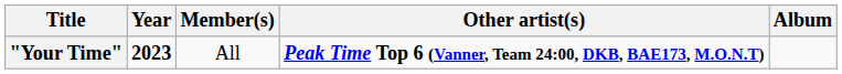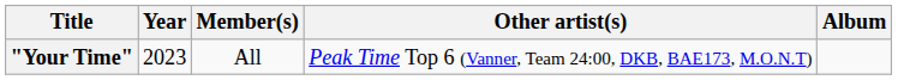 <table class="wikitable plainrowheaders" style="text-align:center">
 <tr>
 <th scope="col">Title</th>
 <th scope="col">Year</th>
 <th>Member(s)</th>
 <th>Other artist(s)</th>
 <th scope="col">Album</th>
 </tr>
 <tr>
 <th scope="row">"Your Time"</th>
-<td><strong>2023</strong></td>
+<td>2023</td>
 <td>All</td>
-<td><strong><em><a href='#'>Peak Time</a></em> Top 6 <small>(<a href='#'>Vanner</a>, Team 24:00, <a href='#'>DKB</a>, <a href='#'>BAE173</a>, <a href='#'>M.O.N.T</a>)</small></strong></td>
+<td><em><a href='#'>Peak Time</a></em> Top 6 <small>(<a href='#'>Vanner</a>, Team 24:00, <a href='#'>DKB</a>, <a href='#'>BAE173</a>, <a href='#'>M.O.N.T</a>)</small></td>
 <td></td>
 </tr>
 </table>
